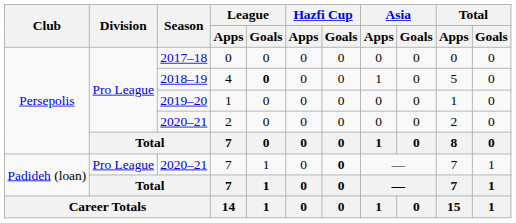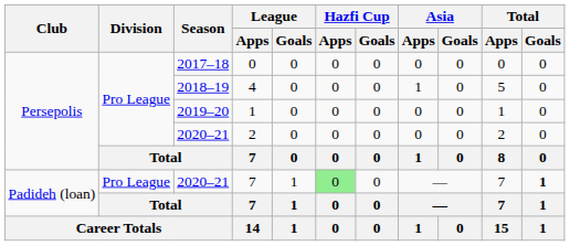 <table class="wikitable" style="text-align: center;">
 <tr>
 <th rowspan="2">Club</th>
 <th rowspan="2">Division</th>
 <th rowspan="2">Season</th>
 <th colspan="2">League</th>
 <th colspan="2"><a href='#'>Hazfi Cup</a></th>
 <th colspan="2"><a href='#'>Asia</a></th>
 <th colspan="2">Total</th>
 </tr>
 <tr>
 <th>Apps</th>
 <th>Goals</th>
 <th>Apps</th>
 <th>Goals</th>
 <th>Apps</th>
 <th>Goals</th>
 <th>Apps</th>
 <th>Goals</th>
 </tr>
 <tr>
 <td rowspan="5"><a href='#'>Persepolis</a></td>
 <td rowspan="4"><a href='#'>Pro League</a></td>
 <td><a href='#'>2017–18</a></td>
 <td>0</td>
 <td>0</td>
 <td>0</td>
 <td>0</td>
 <td>0</td>
 <td>0</td>
 <td>0</td>
 <td>0</td>
 </tr>
 <tr>
 <td><a href='#'>2018–19</a></td>
 <td>4</td>
-<td><strong>0</strong></td>
+<td>0</td>
 <td>0</td>
 <td>0</td>
 <td>1</td>
 <td>0</td>
 <td>5</td>
 <td>0</td>
 </tr>
 <tr>
 <td><a href='#'>2019–20</a></td>
 <td>1</td>
 <td>0</td>
 <td>0</td>
 <td>0</td>
 <td>0</td>
 <td>0</td>
 <td>1</td>
 <td>0</td>
 </tr>
 <tr>
 <td><a href='#'>2020–21</a></td>
 <td>2</td>
 <td>0</td>
 <td>0</td>
 <td>0</td>
 <td>0</td>
 <td>0</td>
 <td>2</td>
 <td>0</td>
 </tr>
 <tr>
 <th colspan="2">Total</th>
 <th>7</th>
 <th>0</th>
 <th>0</th>
 <th>0</th>
 <th>1</th>
 <th>0</th>
 <th>8</th>
 <th>0</th>
 </tr>
 <tr>
 <td rowspan="2"><a href='#'>Padideh</a> (loan)</td>
 <td rowspan="1"><a href='#'>Pro League</a></td>
 <td><a href='#'>2020–21</a></td>
 <td>7</td>
 <td>1</td>
+<td style="background: lightgreen;">0</td>
 <td>0</td>
-<td><strong>0</strong></td>
 <td colspan=2>—</td>
 <td>7</td>
-<td>1</td>
+<td><strong>1</strong></td>
 </tr>
 <tr>
 <th colspan="2">Total</th>
 <th>7</th>
 <th>1</th>
 <th>0</th>
 <th>0</th>
 <th colspan=2>—</th>
 <th>7</th>
 <th>1</th>
 </tr>
 <tr>
 <th colspan="3">Career Totals</th>
 <th>14</th>
 <th>1</th>
 <th>0</th>
 <th>0</th>
 <th>1</th>
 <th>0</th>
 <th>15</th>
 <th>1</th>
 </tr>
 </table>
